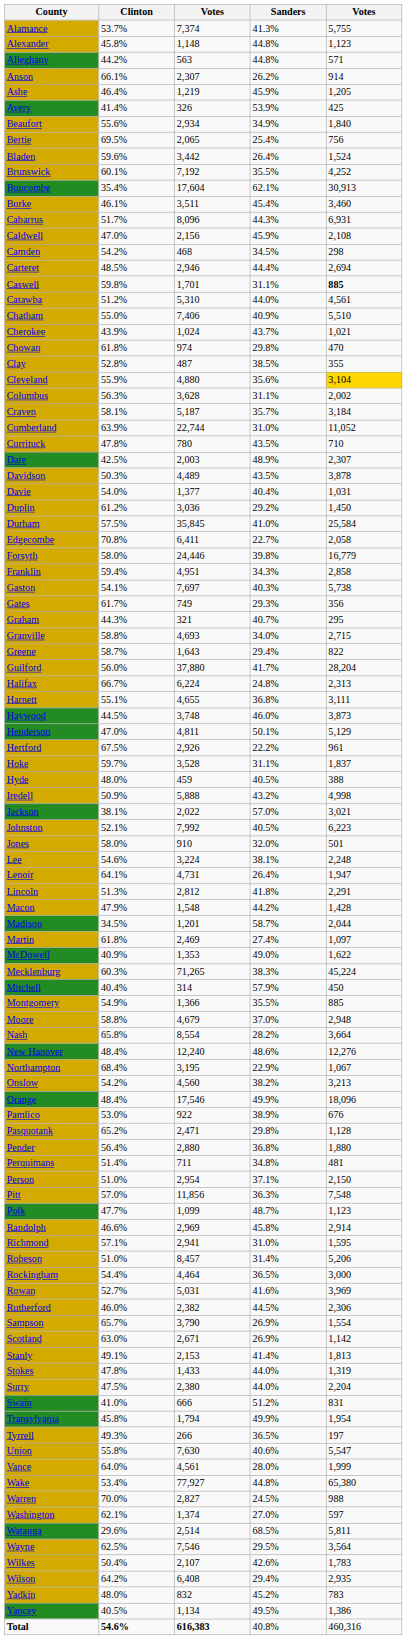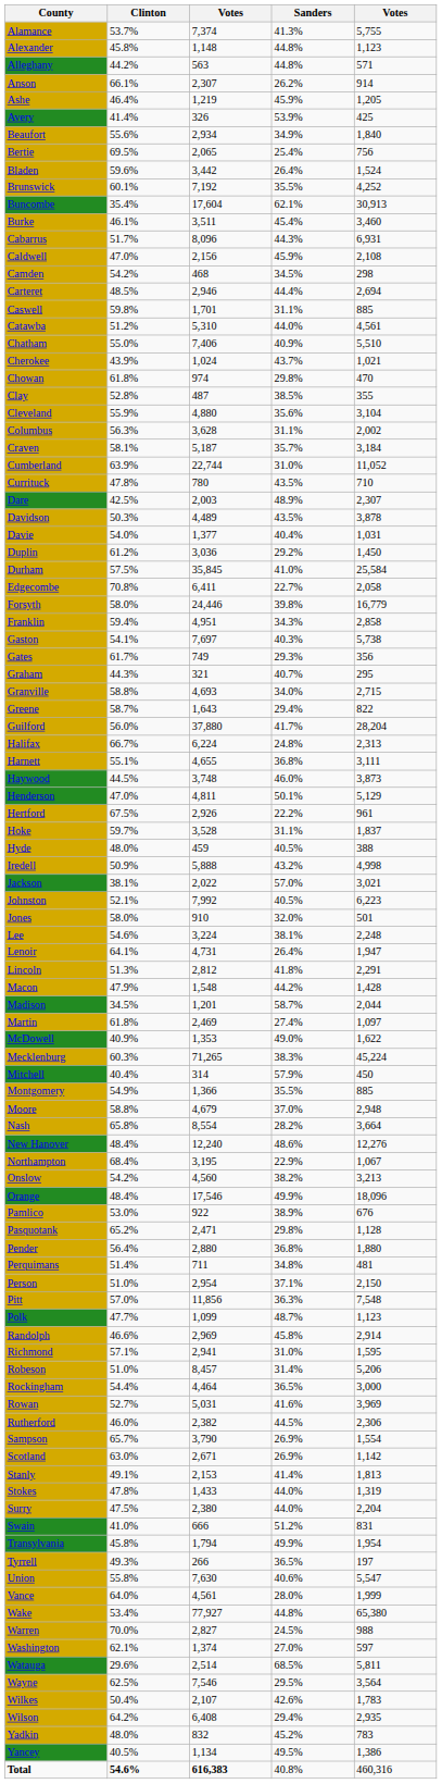 <table width="50%" class="wikitable sortable">
 <tr>
 <th width="10%">County</th>
 <th width="10%">Clinton</th>
 <th width="10%">Votes</th>
 <th width="10%">Sanders</th>
 <th width="10%">Votes</th>
 </tr>
 <tr>
 <td style="background:#D4AA00;"><a href='#'>Alamance</a></td>
 <td>53.7%</td>
 <td>7,374</td>
 <td>41.3%</td>
 <td>5,755</td>
 </tr>
 <tr>
 <td style="background:#D4AA00;"><a href='#'>Alexander</a></td>
 <td>45.8%</td>
 <td>1,148</td>
 <td>44.8%</td>
 <td>1,123</td>
 </tr>
 <tr>
 <td style="background:#228b22;"><a href='#'>Alleghany</a></td>
 <td>44.2%</td>
 <td>563</td>
 <td>44.8%</td>
 <td>571</td>
 </tr>
 <tr>
 <td style="background:#D4AA00;"><a href='#'>Anson</a></td>
 <td>66.1%</td>
 <td>2,307</td>
 <td>26.2%</td>
 <td>914</td>
 </tr>
 <tr>
 <td style="background:#D4AA00;"><a href='#'>Ashe</a></td>
 <td>46.4%</td>
 <td>1,219</td>
 <td>45.9%</td>
 <td>1,205</td>
 </tr>
 <tr>
 <td style="background:#228b22;"><a href='#'>Avery</a></td>
 <td>41.4%</td>
 <td>326</td>
 <td>53.9%</td>
 <td>425</td>
 </tr>
 <tr>
 <td style="background:#D4AA00;"><a href='#'>Beaufort</a></td>
 <td>55.6%</td>
 <td>2,934</td>
 <td>34.9%</td>
 <td>1,840</td>
 </tr>
 <tr>
 <td style="background:#D4AA00;"><a href='#'>Bertie</a></td>
 <td>69.5%</td>
 <td>2,065</td>
 <td>25.4%</td>
 <td>756</td>
 </tr>
 <tr>
 <td style="background:#D4AA00;"><a href='#'>Bladen</a></td>
 <td>59.6%</td>
 <td>3,442</td>
 <td>26.4%</td>
 <td>1,524</td>
 </tr>
 <tr>
 <td style="background:#D4AA00;"><a href='#'>Brunswick</a></td>
 <td>60.1%</td>
 <td>7,192</td>
 <td>35.5%</td>
 <td>4,252</td>
 </tr>
 <tr>
 <td style="background:#228b22;"><a href='#'>Buncombe</a></td>
 <td>35.4%</td>
 <td>17,604</td>
 <td>62.1%</td>
 <td>30,913</td>
 </tr>
 <tr>
 <td style="background:#D4AA00;"><a href='#'>Burke</a></td>
 <td>46.1%</td>
 <td>3,511</td>
 <td>45.4%</td>
 <td>3,460</td>
 </tr>
 <tr>
 <td style="background:#D4AA00;"><a href='#'>Cabarrus</a></td>
 <td>51.7%</td>
 <td>8,096</td>
 <td>44.3%</td>
 <td>6,931</td>
 </tr>
 <tr>
 <td style="background:#D4AA00;"><a href='#'>Caldwell</a></td>
 <td>47.0%</td>
 <td>2,156</td>
 <td>45.9%</td>
 <td>2,108</td>
 </tr>
 <tr>
 <td style="background:#D4AA00;"><a href='#'>Camden</a></td>
 <td>54.2%</td>
 <td>468</td>
 <td>34.5%</td>
 <td>298</td>
 </tr>
 <tr>
 <td style="background:#D4AA00;"><a href='#'>Carteret</a></td>
 <td>48.5%</td>
 <td>2,946</td>
 <td>44.4%</td>
 <td>2,694</td>
 </tr>
 <tr>
 <td style="background:#D4AA00;"><a href='#'>Caswell</a></td>
 <td>59.8%</td>
 <td>1,701</td>
 <td>31.1%</td>
-<td><strong>885</strong></td>
+<td>885</td>
 </tr>
 <tr>
 <td style="background:#D4AA00;"><a href='#'>Catawba</a></td>
 <td>51.2%</td>
 <td>5,310</td>
 <td>44.0%</td>
 <td>4,561</td>
 </tr>
 <tr>
 <td style="background:#D4AA00;"><a href='#'>Chatham</a></td>
 <td>55.0%</td>
 <td>7,406</td>
 <td>40.9%</td>
 <td>5,510</td>
 </tr>
 <tr>
 <td style="background:#D4AA00;"><a href='#'>Cherokee</a></td>
 <td>43.9%</td>
 <td>1,024</td>
 <td>43.7%</td>
 <td>1,021</td>
 </tr>
 <tr>
 <td style="background:#D4AA00;"><a href='#'>Chowan</a></td>
 <td>61.8%</td>
 <td>974</td>
 <td>29.8%</td>
 <td>470</td>
 </tr>
 <tr>
 <td style="background:#D4AA00;"><a href='#'>Clay</a></td>
 <td>52.8%</td>
 <td>487</td>
 <td>38.5%</td>
 <td>355</td>
 </tr>
 <tr>
 <td style="background:#D4AA00;"><a href='#'>Cleveland</a></td>
 <td>55.9%</td>
 <td>4,880</td>
 <td>35.6%</td>
-<td style="background: gold;">3,104</td>
+<td>3,104</td>
 </tr>
 <tr>
 <td style="background:#D4AA00;"><a href='#'>Columbus</a></td>
 <td>56.3%</td>
 <td>3,628</td>
 <td>31.1%</td>
 <td>2,002</td>
 </tr>
 <tr>
 <td style="background:#D4AA00;"><a href='#'>Craven</a></td>
 <td>58.1%</td>
 <td>5,187</td>
 <td>35.7%</td>
 <td>3,184</td>
 </tr>
 <tr>
 <td style="background:#D4AA00;"><a href='#'>Cumberland</a></td>
 <td>63.9%</td>
 <td>22,744</td>
 <td>31.0%</td>
 <td>11,052</td>
 </tr>
 <tr>
 <td style="background:#D4AA00;"><a href='#'>Currituck</a></td>
 <td>47.8%</td>
 <td>780</td>
 <td>43.5%</td>
 <td>710</td>
 </tr>
 <tr>
 <td style="background:#228b22;"><a href='#'>Dare</a></td>
 <td>42.5%</td>
 <td>2,003</td>
 <td>48.9%</td>
 <td>2,307</td>
 </tr>
 <tr>
 <td style="background:#D4AA00;"><a href='#'>Davidson</a></td>
 <td>50.3%</td>
 <td>4,489</td>
 <td>43.5%</td>
 <td>3,878</td>
 </tr>
 <tr>
 <td style="background:#D4AA00;"><a href='#'>Davie</a></td>
 <td>54.0%</td>
 <td>1,377</td>
 <td>40.4%</td>
 <td>1,031</td>
 </tr>
 <tr>
 <td style="background:#D4AA00;"><a href='#'>Duplin</a></td>
 <td>61.2%</td>
 <td>3,036</td>
 <td>29.2%</td>
 <td>1,450</td>
 </tr>
 <tr>
 <td style="background:#D4AA00;"><a href='#'>Durham</a></td>
 <td>57.5%</td>
 <td>35,845</td>
 <td>41.0%</td>
 <td>25,584</td>
 </tr>
 <tr>
 <td style="background:#D4AA00;"><a href='#'>Edgecombe</a></td>
 <td>70.8%</td>
 <td>6,411</td>
 <td>22.7%</td>
 <td>2,058</td>
 </tr>
 <tr>
 <td style="background:#D4AA00;"><a href='#'>Forsyth</a></td>
 <td>58.0%</td>
 <td>24,446</td>
 <td>39.8%</td>
 <td>16,779</td>
 </tr>
 <tr>
 <td style="background:#D4AA00;"><a href='#'>Franklin</a></td>
 <td>59.4%</td>
 <td>4,951</td>
 <td>34.3%</td>
 <td>2,858</td>
 </tr>
 <tr>
 <td style="background:#D4AA00;"><a href='#'>Gaston</a></td>
 <td>54.1%</td>
 <td>7,697</td>
 <td>40.3%</td>
 <td>5,738</td>
 </tr>
 <tr>
 <td style="background:#D4AA00;"><a href='#'>Gates</a></td>
 <td>61.7%</td>
 <td>749</td>
 <td>29.3%</td>
 <td>356</td>
 </tr>
 <tr>
 <td style="background:#D4AA00;"><a href='#'>Graham</a></td>
 <td>44.3%</td>
 <td>321</td>
 <td>40.7%</td>
 <td>295</td>
 </tr>
 <tr>
 <td style="background:#D4AA00;"><a href='#'>Granville</a></td>
 <td>58.8%</td>
 <td>4,693</td>
 <td>34.0%</td>
 <td>2,715</td>
 </tr>
 <tr>
 <td style="background:#D4AA00;"><a href='#'>Greene</a></td>
 <td>58.7%</td>
 <td>1,643</td>
 <td>29.4%</td>
 <td>822</td>
 </tr>
 <tr>
 <td style="background:#D4AA00;"><a href='#'>Guilford</a></td>
 <td>56.0%</td>
 <td>37,880</td>
 <td>41.7%</td>
 <td>28,204</td>
 </tr>
 <tr>
 <td style="background:#D4AA00;"><a href='#'>Halifax</a></td>
 <td>66.7%</td>
 <td>6,224</td>
 <td>24.8%</td>
 <td>2,313</td>
 </tr>
 <tr>
 <td style="background:#D4AA00;"><a href='#'>Harnett</a></td>
 <td>55.1%</td>
 <td>4,655</td>
 <td>36.8%</td>
 <td>3,111</td>
 </tr>
 <tr>
 <td style="background:#228b22;"><a href='#'>Haywood</a></td>
 <td>44.5%</td>
 <td>3,748</td>
 <td>46.0%</td>
 <td>3,873</td>
 </tr>
 <tr>
 <td style="background:#228b22;"><a href='#'>Henderson</a></td>
 <td>47.0%</td>
 <td>4,811</td>
 <td>50.1%</td>
 <td>5,129</td>
 </tr>
 <tr>
 <td style="background:#D4AA00;"><a href='#'>Hertford</a></td>
 <td>67.5%</td>
 <td>2,926</td>
 <td>22.2%</td>
 <td>961</td>
 </tr>
 <tr>
 <td style="background:#D4AA00;"><a href='#'>Hoke</a></td>
 <td>59.7%</td>
 <td>3,528</td>
 <td>31.1%</td>
 <td>1,837</td>
 </tr>
 <tr>
 <td style="background:#D4AA00;"><a href='#'>Hyde</a></td>
 <td>48.0%</td>
 <td>459</td>
 <td>40.5%</td>
 <td>388</td>
 </tr>
 <tr>
 <td style="background:#D4AA00;"><a href='#'>Iredell</a></td>
 <td>50.9%</td>
 <td>5,888</td>
 <td>43.2%</td>
 <td>4,998</td>
 </tr>
 <tr>
 <td style="background:#228b22;"><a href='#'>Jackson</a></td>
 <td>38.1%</td>
 <td>2,022</td>
 <td>57.0%</td>
 <td>3,021</td>
 </tr>
 <tr>
 <td style="background:#D4AA00;"><a href='#'>Johnston</a></td>
 <td>52.1%</td>
 <td>7,992</td>
 <td>40.5%</td>
 <td>6,223</td>
 </tr>
 <tr>
 <td style="background:#D4AA00;"><a href='#'>Jones</a></td>
 <td>58.0%</td>
 <td>910</td>
 <td>32.0%</td>
 <td>501</td>
 </tr>
 <tr>
 <td style="background:#D4AA00;"><a href='#'>Lee</a></td>
 <td>54.6%</td>
 <td>3,224</td>
 <td>38.1%</td>
 <td>2,248</td>
 </tr>
 <tr>
 <td style="background:#D4AA00;"><a href='#'>Lenoir</a></td>
 <td>64.1%</td>
 <td>4,731</td>
 <td>26.4%</td>
 <td>1,947</td>
 </tr>
 <tr>
 <td style="background:#D4AA00;"><a href='#'>Lincoln</a></td>
 <td>51.3%</td>
 <td>2,812</td>
 <td>41.8%</td>
 <td>2,291</td>
 </tr>
 <tr>
 <td style="background:#D4AA00;"><a href='#'>Macon</a></td>
 <td>47.9%</td>
 <td>1,548</td>
 <td>44.2%</td>
 <td>1,428</td>
 </tr>
 <tr>
 <td style="background:#228b22;"><a href='#'>Madison</a></td>
 <td>34.5%</td>
 <td>1,201</td>
 <td>58.7%</td>
 <td>2,044</td>
 </tr>
 <tr>
 <td style="background:#D4AA00;"><a href='#'>Martin</a></td>
 <td>61.8%</td>
 <td>2,469</td>
 <td>27.4%</td>
 <td>1,097</td>
 </tr>
 <tr>
 <td style="background:#228b22;"><a href='#'>McDowell</a></td>
 <td>40.9%</td>
 <td>1,353</td>
 <td>49.0%</td>
 <td>1,622</td>
 </tr>
 <tr>
 <td style="background:#D4AA00;"><a href='#'>Mecklenburg</a></td>
 <td>60.3%</td>
 <td>71,265</td>
 <td>38.3%</td>
 <td>45,224</td>
 </tr>
 <tr>
 <td style="background:#228b22;"><a href='#'>Mitchell</a></td>
 <td>40.4%</td>
 <td>314</td>
 <td>57.9%</td>
 <td>450</td>
 </tr>
 <tr>
 <td style="background:#D4AA00;"><a href='#'>Montgomery</a></td>
 <td>54.9%</td>
 <td>1,366</td>
 <td>35.5%</td>
 <td>885</td>
 </tr>
 <tr>
 <td style="background:#D4AA00;"><a href='#'>Moore</a></td>
 <td>58.8%</td>
 <td>4,679</td>
 <td>37.0%</td>
 <td>2,948</td>
 </tr>
 <tr>
 <td style="background:#D4AA00;"><a href='#'>Nash</a></td>
 <td>65.8%</td>
 <td>8,554</td>
 <td>28.2%</td>
 <td>3,664</td>
 </tr>
 <tr>
 <td style="background:#228b22;"><a href='#'>New Hanover</a></td>
 <td>48.4%</td>
 <td>12,240</td>
 <td>48.6%</td>
 <td>12,276</td>
 </tr>
 <tr>
 <td style="background:#D4AA00;"><a href='#'>Northampton</a></td>
 <td>68.4%</td>
 <td>3,195</td>
 <td>22.9%</td>
 <td>1,067</td>
 </tr>
 <tr>
 <td style="background:#D4AA00;"><a href='#'>Onslow</a></td>
 <td>54.2%</td>
 <td>4,560</td>
 <td>38.2%</td>
 <td>3,213</td>
 </tr>
 <tr>
 <td style="background:#228b22;"><a href='#'>Orange</a></td>
 <td>48.4%</td>
 <td>17,546</td>
 <td>49.9%</td>
 <td>18,096</td>
 </tr>
 <tr>
 <td style="background:#D4AA00;"><a href='#'>Pamlico</a></td>
 <td>53.0%</td>
 <td>922</td>
 <td>38.9%</td>
 <td>676</td>
 </tr>
 <tr>
 <td style="background:#D4AA00;"><a href='#'>Pasquotank</a></td>
 <td>65.2%</td>
 <td>2,471</td>
 <td>29.8%</td>
 <td>1,128</td>
 </tr>
 <tr>
 <td style="background:#D4AA00;"><a href='#'>Pender</a></td>
 <td>56.4%</td>
 <td>2,880</td>
 <td>36.8%</td>
 <td>1,880</td>
 </tr>
 <tr>
 <td style="background:#D4AA00;"><a href='#'>Perquimans</a></td>
 <td>51.4%</td>
 <td>711</td>
 <td>34.8%</td>
 <td>481</td>
 </tr>
 <tr>
 <td style="background:#D4AA00;"><a href='#'>Person</a></td>
 <td>51.0%</td>
 <td>2,954</td>
 <td>37.1%</td>
 <td>2,150</td>
 </tr>
 <tr>
 <td style="background:#D4AA00;"><a href='#'>Pitt</a></td>
 <td>57.0%</td>
 <td>11,856</td>
 <td>36.3%</td>
 <td>7,548</td>
 </tr>
 <tr>
 <td style="background:#228b22;"><a href='#'>Polk</a></td>
 <td>47.7%</td>
 <td>1,099</td>
 <td>48.7%</td>
 <td>1,123</td>
 </tr>
 <tr>
 <td style="background:#D4AA00;"><a href='#'>Randolph</a></td>
 <td>46.6%</td>
 <td>2,969</td>
 <td>45.8%</td>
 <td>2,914</td>
 </tr>
 <tr>
 <td style="background:#D4AA00;"><a href='#'>Richmond</a></td>
 <td>57.1%</td>
 <td>2,941</td>
 <td>31.0%</td>
 <td>1,595</td>
 </tr>
 <tr>
 <td style="background:#D4AA00;"><a href='#'>Robeson</a></td>
 <td>51.0%</td>
 <td>8,457</td>
 <td>31.4%</td>
 <td>5,206</td>
 </tr>
 <tr>
 <td style="background:#D4AA00;"><a href='#'>Rockingham</a></td>
 <td>54.4%</td>
 <td>4,464</td>
 <td>36.5%</td>
 <td>3,000</td>
 </tr>
 <tr>
 <td style="background:#D4AA00;"><a href='#'>Rowan</a></td>
 <td>52.7%</td>
 <td>5,031</td>
 <td>41.6%</td>
 <td>3,969</td>
 </tr>
 <tr>
 <td style="background:#D4AA00;"><a href='#'>Rutherford</a></td>
 <td>46.0%</td>
 <td>2,382</td>
 <td>44.5%</td>
 <td>2,306</td>
 </tr>
 <tr>
 <td style="background:#D4AA00;"><a href='#'>Sampson</a></td>
 <td>65.7%</td>
 <td>3,790</td>
 <td>26.9%</td>
 <td>1,554</td>
 </tr>
 <tr>
 <td style="background:#D4AA00;"><a href='#'>Scotland</a></td>
 <td>63.0%</td>
 <td>2,671</td>
 <td>26.9%</td>
 <td>1,142</td>
 </tr>
 <tr>
 <td style="background:#D4AA00;"><a href='#'>Stanly</a></td>
 <td>49.1%</td>
 <td>2,153</td>
 <td>41.4%</td>
 <td>1,813</td>
 </tr>
 <tr>
 <td style="background:#D4AA00;"><a href='#'>Stokes</a></td>
 <td>47.8%</td>
 <td>1,433</td>
 <td>44.0%</td>
 <td>1,319</td>
 </tr>
 <tr>
 <td style="background:#D4AA00;"><a href='#'>Surry</a></td>
 <td>47.5%</td>
 <td>2,380</td>
 <td>44.0%</td>
 <td>2,204</td>
 </tr>
 <tr>
 <td style="background:#228b22;"><a href='#'>Swain</a></td>
 <td>41.0%</td>
 <td>666</td>
 <td>51.2%</td>
 <td>831</td>
 </tr>
 <tr>
 <td style="background:#228b22;"><a href='#'>Transylvania</a></td>
 <td>45.8%</td>
 <td>1,794</td>
 <td>49.9%</td>
 <td>1,954</td>
 </tr>
 <tr>
 <td style="background:#D4AA00;"><a href='#'>Tyrrell</a></td>
 <td>49.3%</td>
 <td>266</td>
 <td>36.5%</td>
 <td>197</td>
 </tr>
 <tr>
 <td style="background:#D4AA00;"><a href='#'>Union</a></td>
 <td>55.8%</td>
 <td>7,630</td>
 <td>40.6%</td>
 <td>5,547</td>
 </tr>
 <tr>
 <td style="background:#D4AA00;"><a href='#'>Vance</a></td>
 <td>64.0%</td>
 <td>4,561</td>
 <td>28.0%</td>
 <td>1,999</td>
 </tr>
 <tr>
 <td style="background:#D4AA00;"><a href='#'>Wake</a></td>
 <td>53.4%</td>
 <td>77,927</td>
 <td>44.8%</td>
 <td>65,380</td>
 </tr>
 <tr>
 <td style="background:#D4AA00;"><a href='#'>Warren</a></td>
 <td>70.0%</td>
 <td>2,827</td>
 <td>24.5%</td>
 <td>988</td>
 </tr>
 <tr>
 <td style="background:#D4AA00;"><a href='#'>Washington</a></td>
 <td>62.1%</td>
 <td>1,374</td>
 <td>27.0%</td>
 <td>597</td>
 </tr>
 <tr>
 <td style="background:#228b22;"><a href='#'>Watauga</a></td>
 <td>29.6%</td>
 <td>2,514</td>
 <td>68.5%</td>
 <td>5,811</td>
 </tr>
 <tr>
 <td style="background:#D4AA00;"><a href='#'>Wayne</a></td>
 <td>62.5%</td>
 <td>7,546</td>
 <td>29.5%</td>
 <td>3,564</td>
 </tr>
 <tr>
 <td style="background:#D4AA00;"><a href='#'>Wilkes</a></td>
 <td>50.4%</td>
 <td>2,107</td>
 <td>42.6%</td>
 <td>1,783</td>
 </tr>
 <tr>
 <td style="background:#D4AA00;"><a href='#'>Wilson</a></td>
 <td>64.2%</td>
 <td>6,408</td>
 <td>29.4%</td>
 <td>2,935</td>
 </tr>
 <tr>
 <td style="background:#D4AA00;"><a href='#'>Yadkin</a></td>
 <td>48.0%</td>
 <td>832</td>
 <td>45.2%</td>
 <td>783</td>
 </tr>
 <tr>
 <td style="background:#228b22;"><a href='#'>Yancey</a></td>
 <td>40.5%</td>
 <td>1,134</td>
 <td>49.5%</td>
 <td>1,386</td>
 </tr>
 <tr>
 <td><strong>Total</strong></td>
 <td><strong>54.6%</strong></td>
 <td><strong>616,383</strong></td>
 <td>40.8%</td>
 <td>460,316</td>
 </tr>
 </table>
